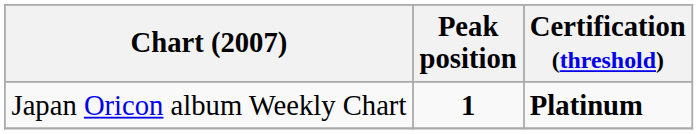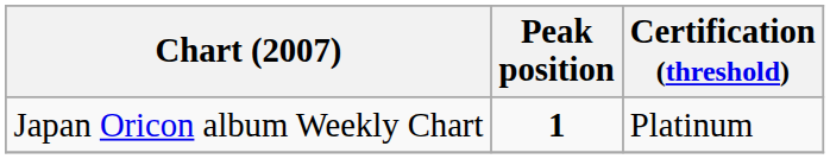 <table class="wikitable sortable">
 <tr>
 <th>Chart (2007)</th>
 <th>Peak<br>position</th>
 <th align="center">Certification<br><small>(<a href='#'>threshold</a>)</small></th>
 </tr>
 <tr>
 <td>Japan <a href='#'>Oricon</a> album Weekly Chart</td>
 <td align="center"><strong>1</strong></td>
-<td><strong>Platinum</strong></td>
+<td>Platinum</td>
 </tr>
 <tr>
 </tr>
 </table>
